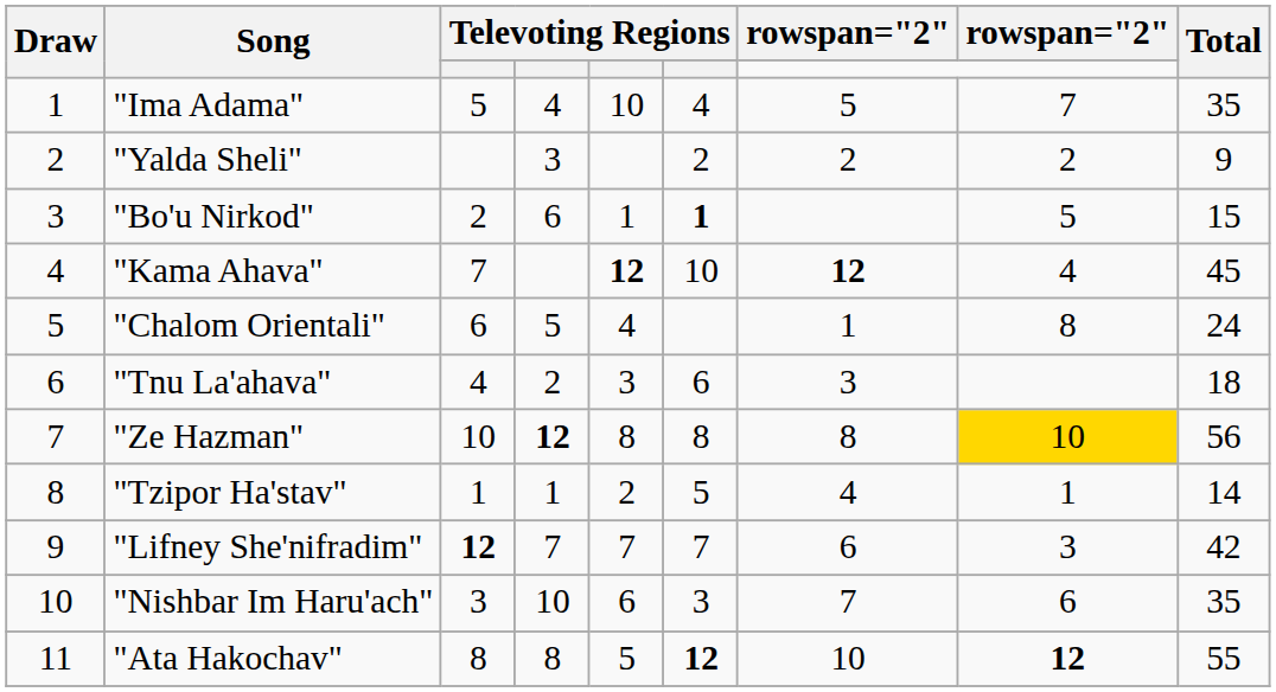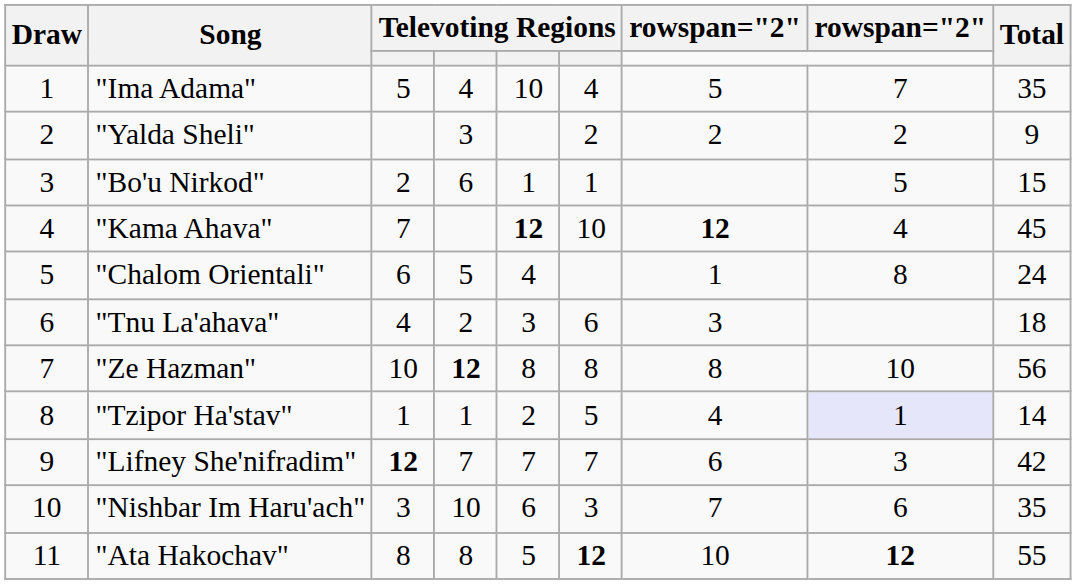 <table class="wikitable plainrowheaders" style="margin: 1em auto 1em auto; text-align:center;">
 <tr>
 <th rowspan="2">Draw</th>
 <th rowspan="2">Song</th>
 <th colspan="4">Televoting Regions</th>
 <th>rowspan="2" </th>
 <th>rowspan="2" </th>
 <th rowspan="2">Total</th>
 </tr>
 <tr>
 <th></th>
 <th></th>
 <th></th>
 <th></th>
 </tr>
 <tr>
 <td>1</td>
 <td align="left">"Ima Adama"</td>
 <td>5</td>
 <td>4</td>
 <td>10</td>
 <td>4</td>
 <td>5</td>
 <td>7</td>
 <td>35</td>
 </tr>
 <tr>
 <td>2</td>
 <td align="left">"Yalda Sheli"</td>
 <td></td>
 <td>3</td>
 <td></td>
 <td>2</td>
 <td>2</td>
 <td>2</td>
 <td>9</td>
 </tr>
 <tr>
 <td>3</td>
 <td align="left">"Bo'u Nirkod"</td>
 <td>2</td>
 <td>6</td>
 <td>1</td>
-<td><strong>1</strong></td>
+<td>1</td>
 <td></td>
 <td>5</td>
 <td>15</td>
 </tr>
 <tr>
 <td>4</td>
 <td align="left">"Kama Ahava"</td>
 <td>7</td>
 <td></td>
 <td><strong>12</strong></td>
 <td>10</td>
 <td><strong>12</strong></td>
 <td>4</td>
 <td>45</td>
 </tr>
 <tr>
 <td>5</td>
 <td align="left">"Chalom Orientali"</td>
 <td>6</td>
 <td>5</td>
 <td>4</td>
 <td></td>
 <td>1</td>
 <td>8</td>
 <td>24</td>
 </tr>
 <tr>
 <td>6</td>
 <td align="left">"Tnu La'ahava"</td>
 <td>4</td>
 <td>2</td>
 <td>3</td>
 <td>6</td>
 <td>3</td>
 <td></td>
 <td>18</td>
 </tr>
 <tr>
 <td>7</td>
 <td align="left">"Ze Hazman"</td>
 <td>10</td>
 <td><strong>12</strong></td>
 <td>8</td>
 <td>8</td>
 <td>8</td>
-<td style="background: gold;">10</td>
+<td>10</td>
 <td>56</td>
 </tr>
 <tr>
 <td>8</td>
 <td align="left">"Tzipor Ha'stav"</td>
 <td>1</td>
 <td>1</td>
 <td>2</td>
 <td>5</td>
 <td>4</td>
-<td>1</td>
+<td style="background: lavender;">1</td>
 <td>14</td>
 </tr>
 <tr>
 <td>9</td>
 <td align="left">"Lifney She'nifradim"</td>
 <td><strong>12</strong></td>
 <td>7</td>
 <td>7</td>
 <td>7</td>
 <td>6</td>
 <td>3</td>
 <td>42</td>
 </tr>
 <tr>
 <td>10</td>
 <td align="left">"Nishbar Im Haru'ach"</td>
 <td>3</td>
 <td>10</td>
 <td>6</td>
 <td>3</td>
 <td>7</td>
 <td>6</td>
 <td>35</td>
 </tr>
 <tr>
 <td>11</td>
 <td align="left">"Ata Hakochav"</td>
 <td>8</td>
 <td>8</td>
 <td>5</td>
 <td><strong>12</strong></td>
 <td>10</td>
 <td><strong>12</strong></td>
 <td>55</td>
 </tr>
 </table>
